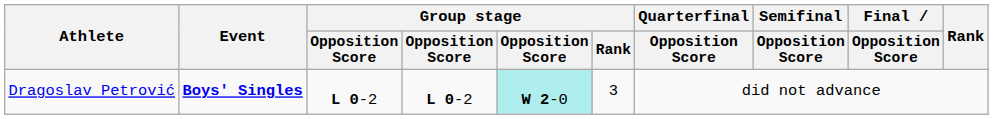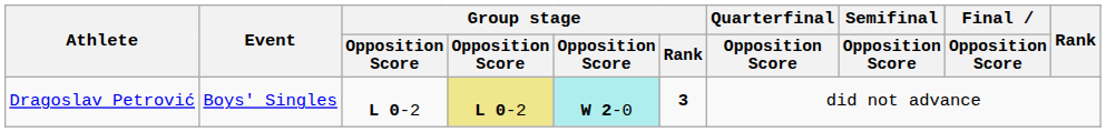 <table class="wikitable" style="font-size:90%">
 <tr>
 <th rowspan=2>Athlete</th>
 <th rowspan=2>Event</th>
 <th colspan=4>Group stage</th>
 <th>Quarterfinal</th>
 <th>Semifinal</th>
 <th>Final / </th>
 <th rowspan=2>Rank</th>
 </tr>
 <tr style="font-size:95%">
 <th>Opposition<br>Score</th>
 <th>Opposition<br>Score</th>
 <th>Opposition<br>Score</th>
 <th>Rank</th>
 <th>Opposition<br>Score</th>
 <th>Opposition<br>Score</th>
 <th>Opposition<br>Score</th>
 </tr>
 <tr align=center>
 <td align=left><a href='#'>Dragoslav Petrović</a></td>
-<td align=left><strong><a href='#'>Boys' Singles</a></strong></td>
+<td align=left><a href='#'>Boys' Singles</a></td>
 <td> <br> <strong>L</strong> <strong>0</strong>-2</td>
-<td> <br> <strong>L</strong> <strong>0</strong>-2</td>
+<td style="background: khaki;"> <br> <strong>L</strong> <strong>0</strong>-2</td>
 <td style="background: paleturquoise;"> <br> <strong>W</strong> <strong>2</strong>-0</td>
-<td>3</td>
+<td><strong>3</strong></td>
 <td colspan=4>did not advance</td>
 </tr>
 </table>
